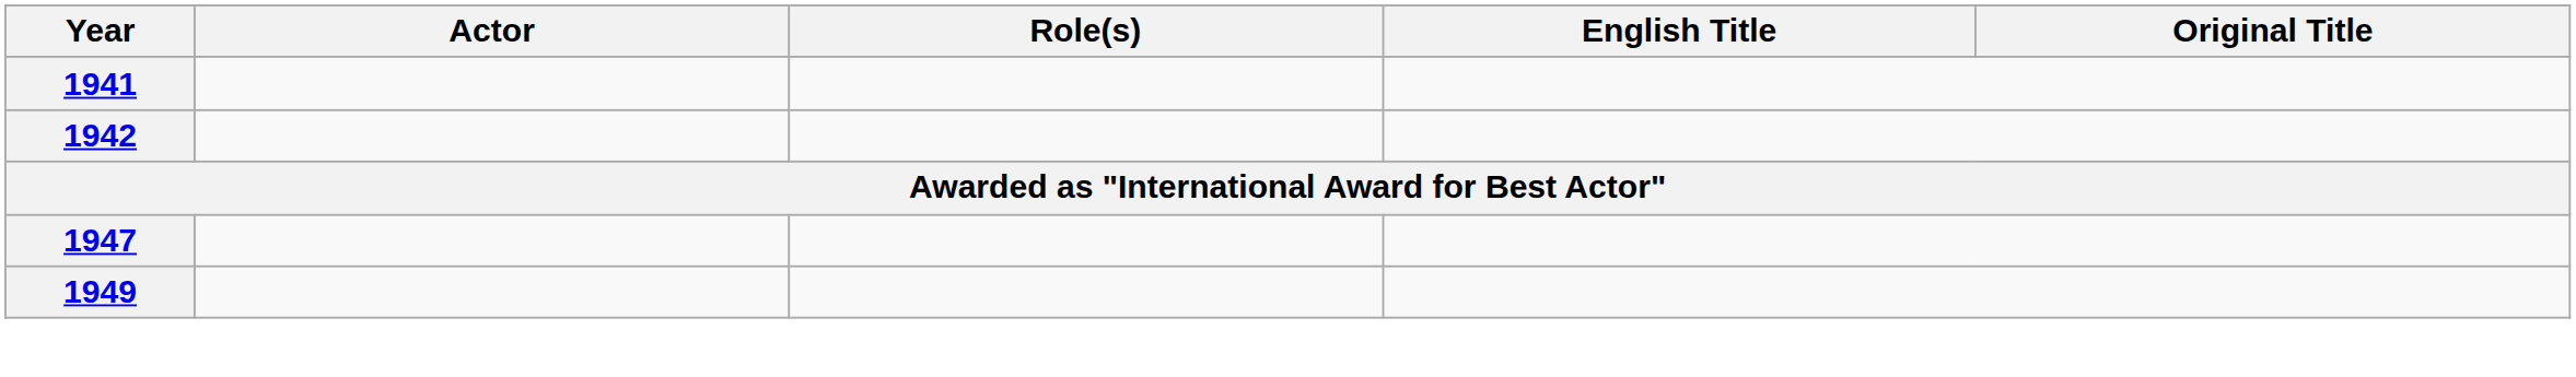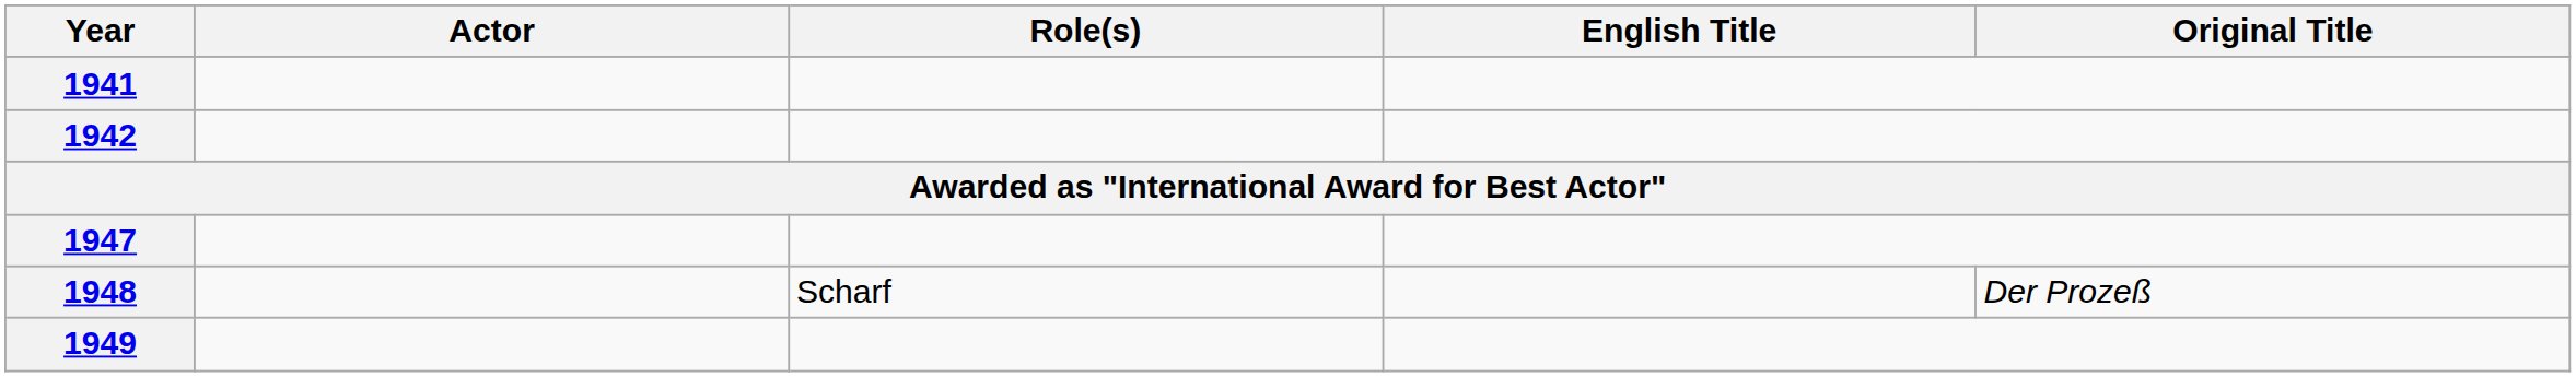 <table class="wikitable unsortable">
 <tr>
 <th scope="col" style="width:3%;">Year</th>
 <th scope="col" style="width:10%;">Actor</th>
 <th scope="col" style="width:10%;">Role(s)</th>
 <th scope="col" style="width:10%;">English Title</th>
 <th scope="col" style="width:10%;">Original Title</th>
 </tr>
 <tr>
 <th style="text-align:center;"><a href='#'>1941</a></th>
 <td> </td>
 <td></td>
 <td colspan="2"></td>
 </tr>
 <tr>
 <th style="text-align:center;"><a href='#'>1942</a></th>
 <td> </td>
 <td></td>
 <td colspan="2"></td>
 </tr>
 <tr>
 <th colspan="5" data-sort-value="1946 A">Awarded as "International Award for Best Actor"</th>
 </tr>
 <tr>
 <th style="text-align:center;"><a href='#'>1947</a></th>
 <td> </td>
 <td></td>
 <td colspan="2"></td>
 </tr>
 <tr>
+<th style="text-align:center;"><a href='#'>1948</a></th>
+<td> </td>
+<td>Scharf</td>
+<td></td>
+<td><em>Der Prozeß</em></td>
+</tr>
+<tr>
 <th style="text-align:center;"><a href='#'>1949</a></th>
 <td> </td>
 <td></td>
 <td colspan="2"></td>
 </tr>
 </table>
